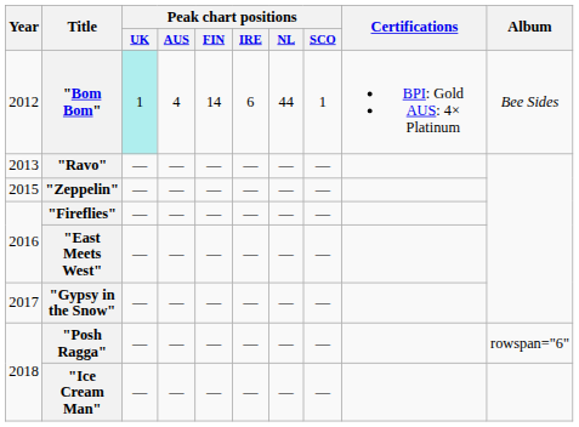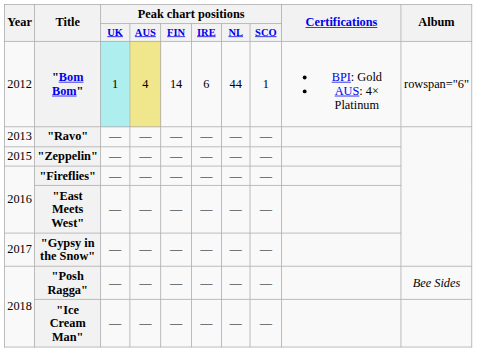 <table class="wikitable plainrowheaders" style="text-align:center;">
 <tr>
 <th scope="col" rowspan="2">Year</th>
 <th scope="col" rowspan="2">Title</th>
 <th scope="col" colspan="6">Peak chart positions</th>
 <th scope="col" rowspan="2" style="width:12em;"><a href='#'>Certifications</a></th>
 <th scope="col" rowspan="2">Album</th>
 </tr>
 <tr>
 <th scope="col" style="width:3em;font-size:85%;"><a href='#'>UK</a><br></th>
 <th scope="col" style="width:3em;font-size:85%;"><a href='#'>AUS</a><br></th>
 <th scope="col" style="width:3em;font-size:85%;"><a href='#'>FIN</a><br></th>
 <th scope="col" style="width:3em;font-size:85%;"><a href='#'>IRE</a><br></th>
 <th scope="col" style="width:3em;font-size:85%;"><a href='#'>NL</a><br></th>
 <th scope="col" style="width:3em;font-size:85%;"><a href='#'>SCO</a><br></th>
 </tr>
 <tr>
 <td>2012</td>
 <th scope="row">"<a href='#'>Bom Bom</a>"</th>
 <td style="background: paleturquoise;">1</td>
-<td>4</td>
+<td style="background: khaki;">4</td>
 <td>14</td>
 <td>6</td>
 <td>44</td>
 <td>1</td>
 <td><br><ul><li><a href='#'>BPI</a>: Gold</li><li><a href='#'>AUS</a>: 4× Platinum</li></ul></td>
-<td><em>Bee Sides</em></td>
+<td>rowspan="6" </td>
 </tr>
 <tr>
 <td>2013</td>
 <th scope="row">"Ravo"</th>
 <td>—</td>
 <td>—</td>
 <td>—</td>
 <td>—</td>
 <td>—</td>
 <td>—</td>
 <td></td>
 </tr>
 <tr>
 <td>2015</td>
 <th scope="row">"Zeppelin"</th>
 <td>—</td>
 <td>—</td>
 <td>—</td>
 <td>—</td>
 <td>—</td>
 <td>—</td>
 <td></td>
 </tr>
 <tr>
 <td rowspan="2">2016</td>
 <th scope="row">"Fireflies"</th>
 <td>—</td>
 <td>—</td>
 <td>—</td>
 <td>—</td>
 <td>—</td>
 <td>—</td>
 <td></td>
 </tr>
 <tr>
 <th scope="row">"East Meets West"</th>
 <td>—</td>
 <td>—</td>
 <td>—</td>
 <td>—</td>
 <td>—</td>
 <td>—</td>
 <td></td>
 </tr>
 <tr>
 <td>2017</td>
 <th scope="row">"Gypsy in the Snow"</th>
 <td>—</td>
 <td>—</td>
 <td>—</td>
 <td>—</td>
 <td>—</td>
 <td>—</td>
 <td></td>
 </tr>
 <tr>
 <td rowspan="2">2018</td>
 <th scope="row">"Posh Ragga"</th>
 <td>—</td>
 <td>—</td>
 <td>—</td>
 <td>—</td>
 <td>—</td>
 <td>—</td>
 <td></td>
-<td>rowspan="6" </td>
+<td><em>Bee Sides</em></td>
 </tr>
 <tr>
 <th scope="row">"Ice Cream Man"</th>
 <td>—</td>
 <td>—</td>
 <td>—</td>
 <td>—</td>
 <td>—</td>
 <td>—</td>
 <td></td>
 <td></td>
 </tr>
 </table>
